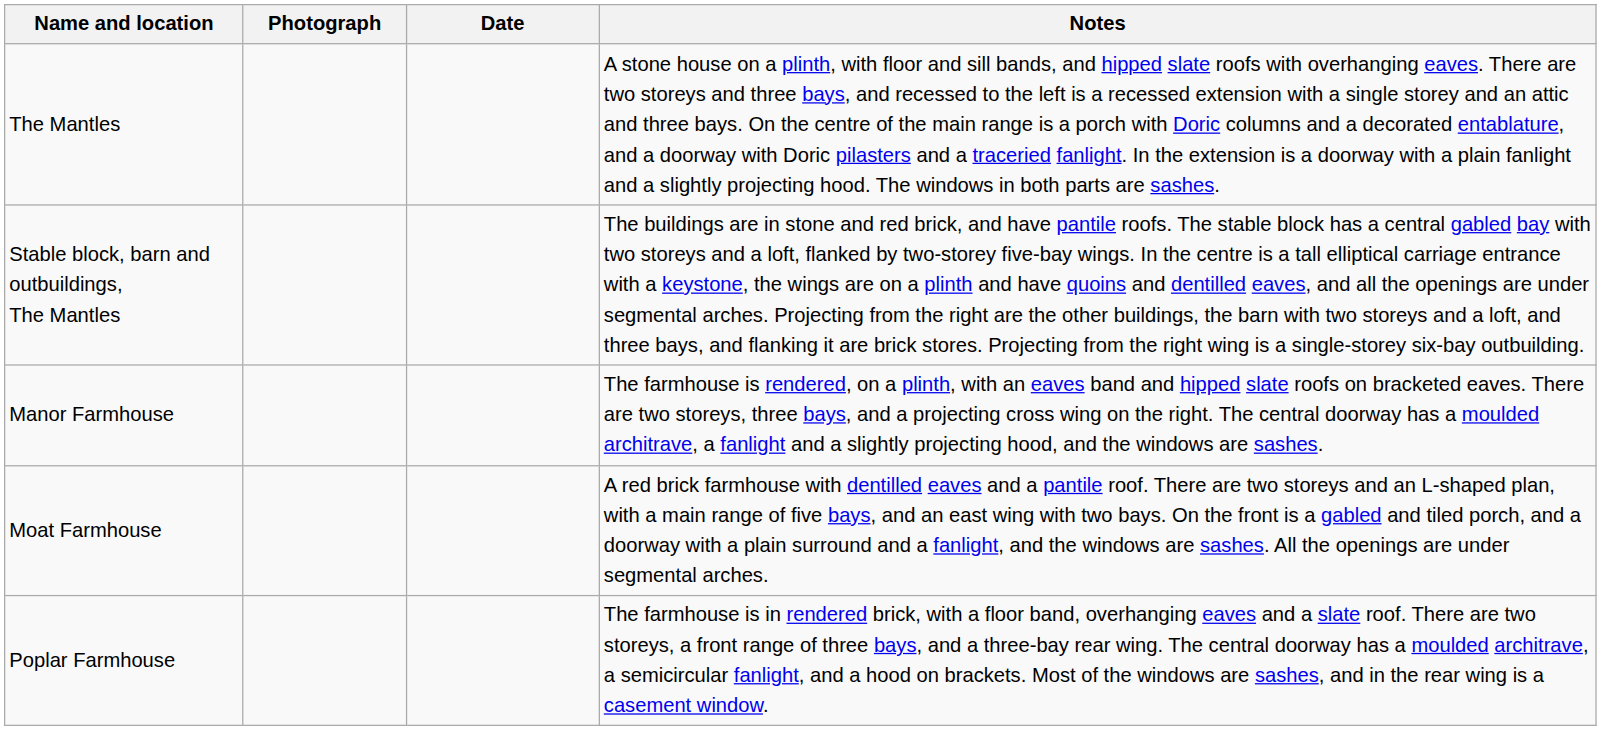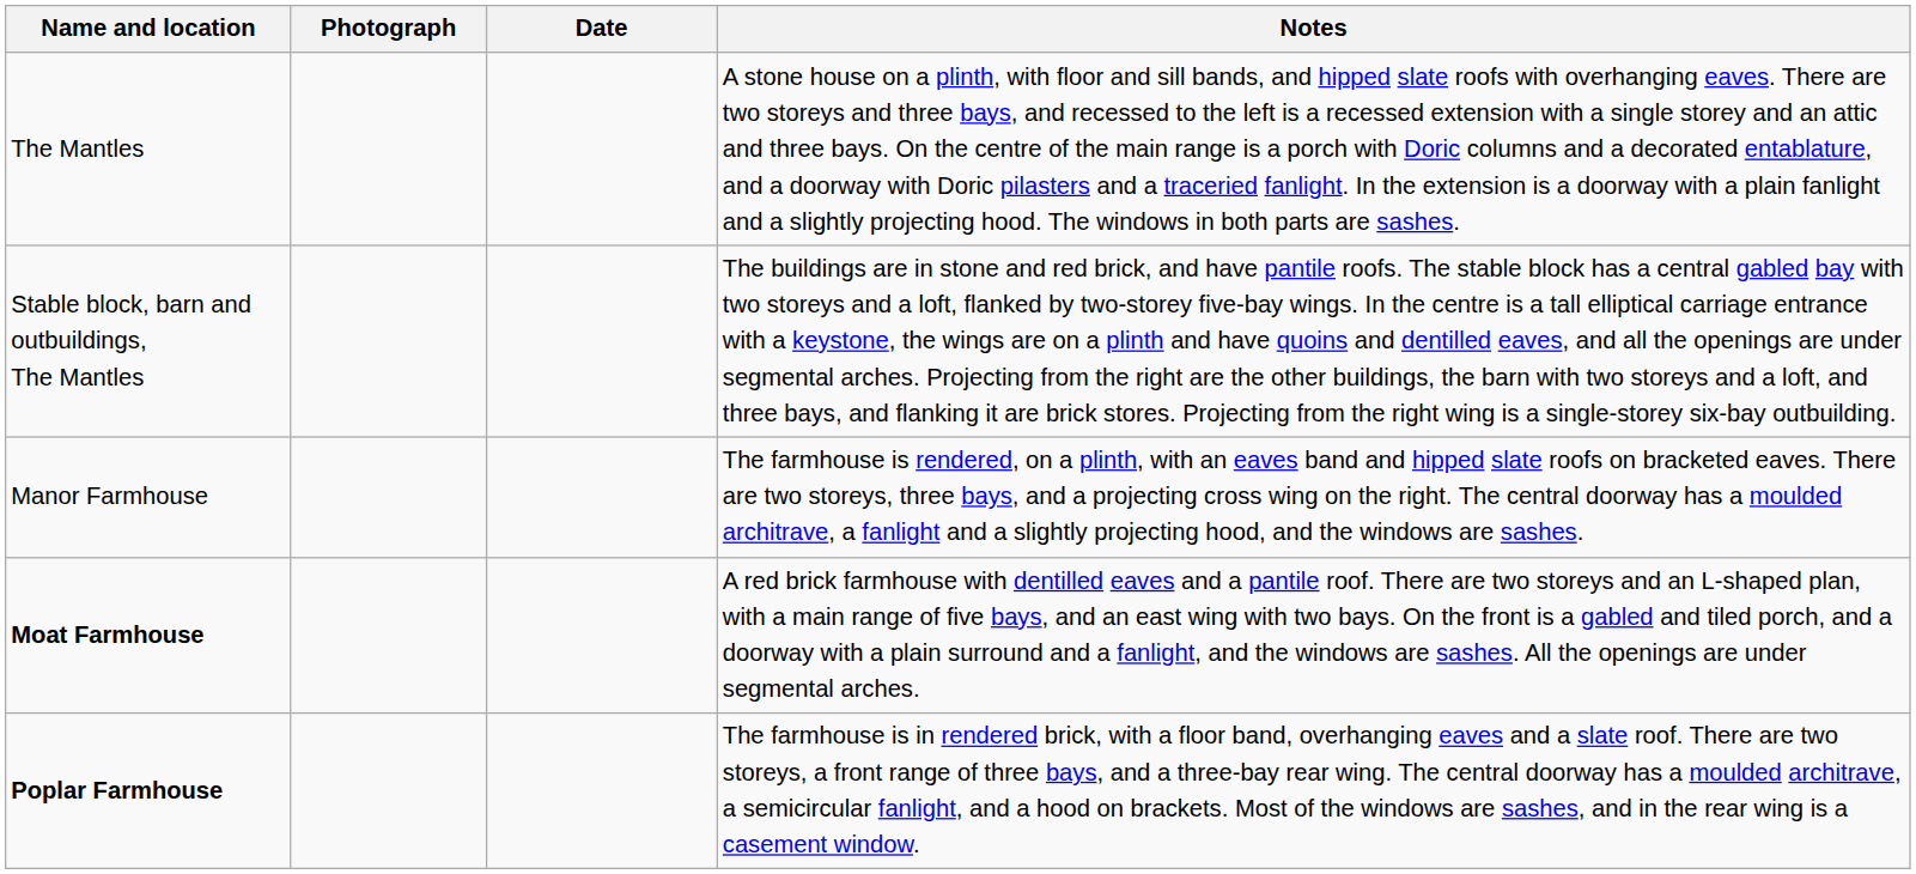 <table class="wikitable sortable plainrowheaders" style="width:100%; border:0px; text-align:left; line-height:150%">
 <tr>
 <th scope="col"  style="width:150px">Name and location</th>
 <th scope="col"  style="width:100px" class="unsortable">Photograph</th>
 <th scope="col"  style="width:120px">Date</th>
 <th scope="col"  style="width:650px" class="unsortable">Notes</th>
 </tr>
 <tr>
 <td>The Mantles<br><small></small></td>
 <td></td>
 <td align="center"></td>
 <td>A stone house on a <a href='#'>plinth</a>, with floor and sill bands, and <a href='#'>hipped</a> <a href='#'>slate</a> roofs with overhanging <a href='#'>eaves</a>.  There are two storeys and three <a href='#'>bays</a>, and recessed to the left is a recessed extension with a single storey and an attic and three bays.  On the centre of the main range is a porch with <a href='#'>Doric</a> columns and a decorated <a href='#'>entablature</a>, and a doorway with Doric <a href='#'>pilasters</a> and a <a href='#'>traceried</a> <a href='#'>fanlight</a>.  In the extension is a doorway with a plain fanlight and a slightly projecting hood.  The windows in both parts are <a href='#'>sashes</a>.</td>
 </tr>
 <tr>
 <td>Stable block, barn and outbuildings,<br>The Mantles<br><small></small></td>
 <td></td>
 <td align="center"></td>
 <td>The buildings are in stone and red brick, and have <a href='#'>pantile</a> roofs.  The stable block has a central <a href='#'>gabled</a> <a href='#'>bay</a> with two storeys and a loft, flanked by two-storey five-bay wings.  In the centre is a tall elliptical carriage entrance with a <a href='#'>keystone</a>, the wings are on a <a href='#'>plinth</a> and have <a href='#'>quoins</a> and <a href='#'>dentilled</a> <a href='#'>eaves</a>, and all the openings are under segmental arches.  Projecting from the right are the other buildings, the barn with two storeys and a loft, and three bays, and flanking it are brick stores.  Projecting from the right wing is a single-storey six-bay outbuilding.</td>
 </tr>
 <tr>
 <td>Manor Farmhouse<br><small></small></td>
 <td></td>
 <td align="center"></td>
 <td>The farmhouse is <a href='#'>rendered</a>, on a <a href='#'>plinth</a>, with an <a href='#'>eaves</a> band and <a href='#'>hipped</a> <a href='#'>slate</a> roofs on bracketed eaves.  There are two storeys, three <a href='#'>bays</a>, and a projecting cross wing on the right.  The central doorway has a <a href='#'>moulded</a> <a href='#'>architrave</a>, a <a href='#'>fanlight</a> and a slightly projecting hood, and the windows are <a href='#'>sashes</a>.</td>
 </tr>
 <tr>
-<td>Moat Farmhouse<br><small></small></td>
+<td><strong>Moat Farmhouse<br><small></small></strong></td>
 <td></td>
 <td align="center"></td>
 <td>A red brick farmhouse with <a href='#'>dentilled</a> <a href='#'>eaves</a> and a <a href='#'>pantile</a> roof.  There are two storeys and an L-shaped plan, with a main range of five <a href='#'>bays</a>, and an east wing with two bays.  On the front is a <a href='#'>gabled</a> and tiled porch, and a doorway with a plain surround and a <a href='#'>fanlight</a>, and the windows are <a href='#'>sashes</a>.  All the openings are under segmental arches.</td>
 </tr>
 <tr>
-<td>Poplar Farmhouse<br><small></small></td>
+<td><strong>Poplar Farmhouse<br><small></small></strong></td>
 <td></td>
 <td align="center"></td>
 <td>The farmhouse is in <a href='#'>rendered</a> brick, with a floor band, overhanging <a href='#'>eaves</a> and a <a href='#'>slate</a> roof.  There are two storeys, a front range of three <a href='#'>bays</a>, and a three-bay rear wing.  The central doorway has a <a href='#'>moulded</a> <a href='#'>architrave</a>, a semicircular <a href='#'>fanlight</a>, and a hood on brackets.  Most of the windows are <a href='#'>sashes</a>, and in the rear wing is a <a href='#'>casement window</a>.</td>
 </tr>
 <tr>
 </tr>
 </table>
